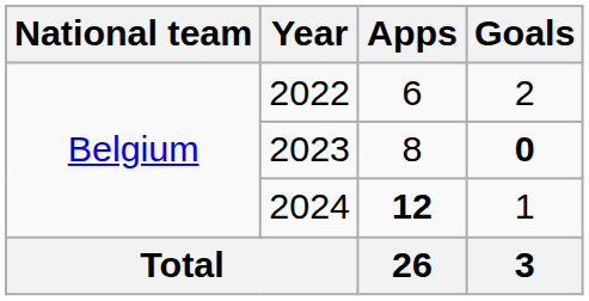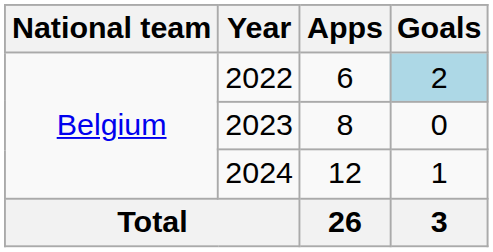 <table class="wikitable" style="text-align:center">
 <tr>
 <th>National team</th>
 <th>Year</th>
 <th>Apps</th>
 <th>Goals</th>
 </tr>
 <tr>
 <td rowspan="3"><a href='#'>Belgium</a></td>
 <td>2022</td>
 <td>6</td>
-<td>2</td>
+<td style="background: lightblue;">2</td>
 </tr>
 <tr>
 <td>2023</td>
 <td>8</td>
-<td><strong>0</strong></td>
+<td>0</td>
 </tr>
 <tr>
 <td>2024</td>
-<td><strong>12</strong></td>
+<td>12</td>
 <td>1</td>
 </tr>
 <tr>
 <th colspan="2">Total</th>
 <th>26</th>
 <th>3</th>
 </tr>
 </table>
